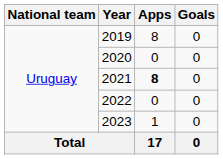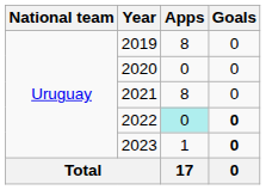 <table class="wikitable" style="text-align:center">
 <tr>
 <th>National team</th>
 <th>Year</th>
 <th>Apps</th>
 <th>Goals</th>
 </tr>
 <tr>
 <td rowspan="5"><a href='#'>Uruguay</a></td>
 <td>2019</td>
 <td>8</td>
 <td>0</td>
 </tr>
 <tr>
 <td>2020</td>
 <td>0</td>
 <td>0</td>
 </tr>
 <tr>
 <td>2021</td>
-<td><strong>8</strong></td>
+<td>8</td>
 <td>0</td>
 </tr>
 <tr>
 <td>2022</td>
-<td>0</td>
-<td>0</td>
+<td style="background: paleturquoise;">0</td>
+<td><strong>0</strong></td>
 </tr>
 <tr>
 <td>2023</td>
 <td>1</td>
-<td>0</td>
+<td><strong>0</strong></td>
 </tr>
 <tr>
 <th colspan="2">Total</th>
 <th>17</th>
 <th>0</th>
 </tr>
 </table>
